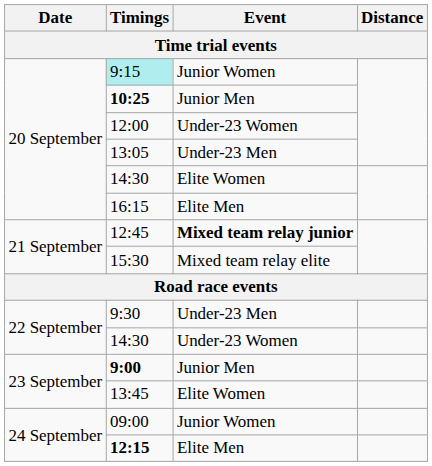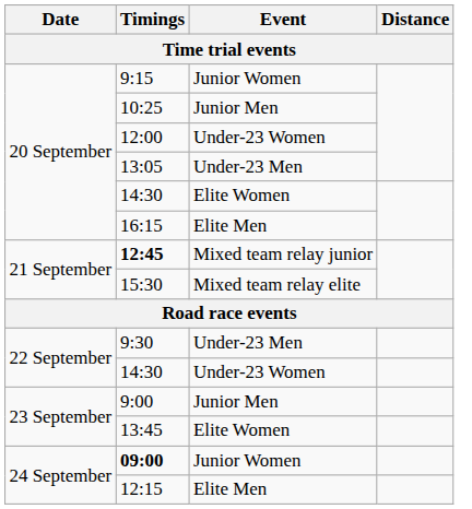 <table class="wikitable">
 <tr>
 <th>Date</th>
 <th>Timings</th>
 <th>Event</th>
 <th>Distance</th>
 </tr>
 <tr>
 <th colspan=4>Time trial events</th>
 </tr>
 <tr>
 <td rowspan=6>20 September</td>
-<td style="background: paleturquoise;">9:15</td>
+<td>9:15</td>
 <td>Junior Women</td>
 <td rowspan="4"></td>
 </tr>
 <tr>
-<td><strong>10:25</strong></td>
+<td>10:25</td>
 <td>Junior Men</td>
 </tr>
 <tr>
 <td>12:00</td>
 <td>Under-23 Women</td>
 </tr>
 <tr>
 <td>13:05</td>
 <td>Under-23 Men</td>
 </tr>
 <tr>
 <td>14:30</td>
 <td>Elite Women</td>
 <td rowspan="2"></td>
 </tr>
 <tr>
 <td>16:15</td>
 <td>Elite Men</td>
 </tr>
 <tr>
 <td rowspan=2>21 September</td>
-<td>12:45</td>
-<td><strong>Mixed team relay junior</strong></td>
+<td><strong>12:45</strong></td>
+<td>Mixed team relay junior</td>
 <td rowspan="2"></td>
 </tr>
 <tr>
 <td>15:30</td>
 <td>Mixed team relay elite</td>
 </tr>
 <tr>
 <th colspan=4>Road race events</th>
 </tr>
 <tr>
 <td rowspan=2>22 September</td>
 <td>9:30</td>
 <td>Under-23 Men</td>
 <td></td>
 </tr>
 <tr>
 <td>14:30</td>
 <td>Under-23 Women</td>
 <td></td>
 </tr>
 <tr>
 <td rowspan=2>23 September</td>
-<td><strong>9:00</strong></td>
+<td>9:00</td>
 <td>Junior Men</td>
 <td></td>
 </tr>
 <tr>
 <td>13:45</td>
 <td>Elite Women</td>
 <td></td>
 </tr>
 <tr>
 <td rowspan=2>24 September</td>
-<td>09:00</td>
+<td><strong>09:00</strong></td>
 <td>Junior Women</td>
 <td></td>
 </tr>
 <tr>
-<td><strong>12:15</strong></td>
+<td>12:15</td>
 <td>Elite Men</td>
 <td></td>
 </tr>
 </table>
